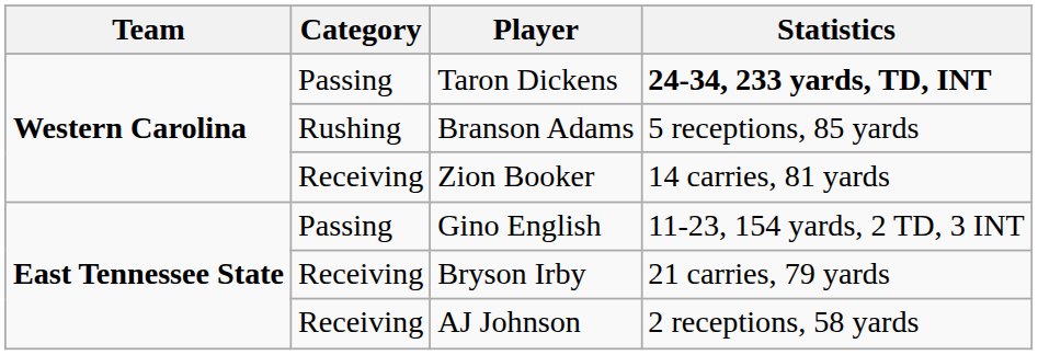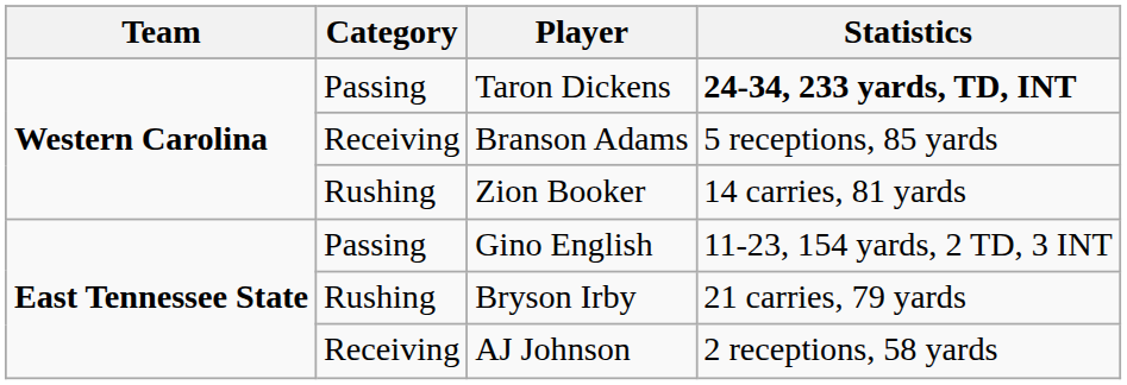 <table class="wikitable" style="float: right;">
 <tr>
 <th>Team</th>
 <th>Category</th>
 <th>Player</th>
 <th>Statistics</th>
 </tr>
 <tr>
 <td rowspan=3><strong>Western Carolina</strong></td>
 <td>Passing</td>
 <td>Taron Dickens</td>
 <td><strong>24-34, 233 yards, TD, INT</strong></td>
 </tr>
 <tr>
-<td>Rushing</td>
+<td>Receiving</td>
 <td>Branson Adams</td>
 <td>5 receptions, 85 yards</td>
 </tr>
 <tr>
-<td>Receiving</td>
+<td>Rushing</td>
 <td>Zion Booker</td>
 <td>14 carries, 81 yards</td>
 </tr>
 <tr>
 <td rowspan=3><strong>East Tennessee State</strong></td>
 <td>Passing</td>
 <td>Gino English</td>
 <td>11-23, 154 yards, 2 TD, 3 INT</td>
 </tr>
 <tr>
-<td>Receiving</td>
+<td>Rushing</td>
 <td>Bryson Irby</td>
 <td>21 carries, 79 yards</td>
 </tr>
 <tr>
 <td>Receiving</td>
 <td>AJ Johnson</td>
 <td>2 receptions, 58 yards</td>
 </tr>
 </table>
